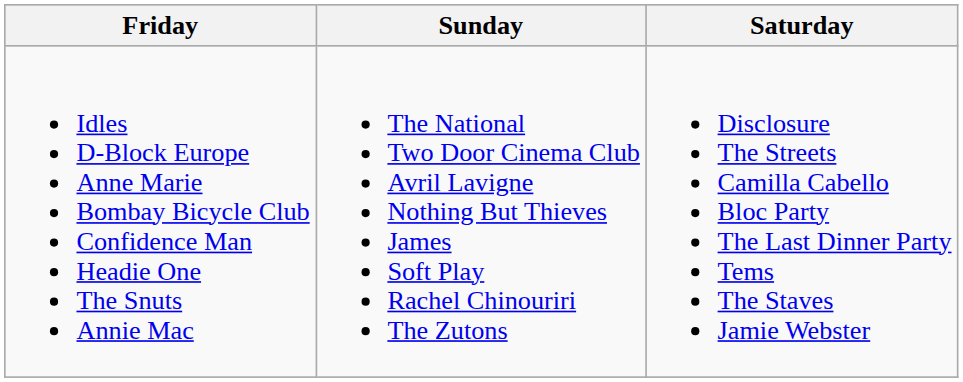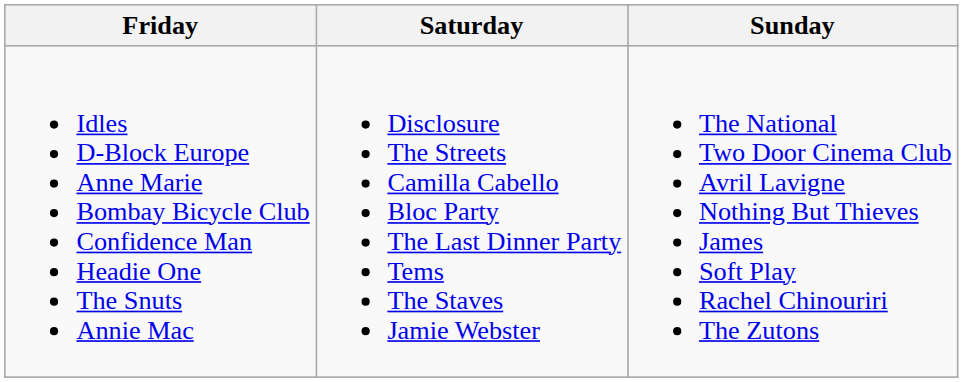 <table class="wikitable">
 <tr>
 <th>Friday</th>
+<th>Saturday</th>
 <th>Sunday</th>
-<th>Saturday</th>
 </tr>
 <tr>
 <td><br><ul><li><a href='#'>Idles</a></li><li><a href='#'>D-Block Europe</a></li><li><a href='#'>Anne Marie</a></li><li><a href='#'>Bombay Bicycle Club</a></li><li><a href='#'>Confidence Man</a></li><li><a href='#'>Headie One</a></li><li><a href='#'>The Snuts</a></li><li><a href='#'>Annie Mac</a></li></ul></td>
+<td><br><ul><li><a href='#'>Disclosure</a></li><li><a href='#'>The Streets</a></li><li><a href='#'>Camilla Cabello</a></li><li><a href='#'>Bloc Party</a></li><li><a href='#'>The Last Dinner Party</a></li><li><a href='#'>Tems</a></li><li><a href='#'>The Staves</a></li><li><a href='#'>Jamie Webster</a></li></ul></td>
 <td><br><ul><li><a href='#'>The National</a></li><li><a href='#'>Two Door Cinema Club</a></li><li><a href='#'>Avril Lavigne</a></li><li><a href='#'>Nothing But Thieves</a></li><li><a href='#'>James</a></li><li><a href='#'>Soft Play</a></li><li><a href='#'>Rachel Chinouriri</a></li><li><a href='#'>The Zutons</a></li></ul></td>
-<td><br><ul><li><a href='#'>Disclosure</a></li><li><a href='#'>The Streets</a></li><li><a href='#'>Camilla Cabello</a></li><li><a href='#'>Bloc Party</a></li><li><a href='#'>The Last Dinner Party</a></li><li><a href='#'>Tems</a></li><li><a href='#'>The Staves</a></li><li><a href='#'>Jamie Webster</a></li></ul></td>
 </tr>
 </table>
